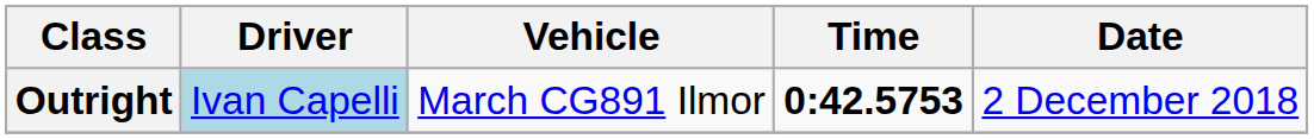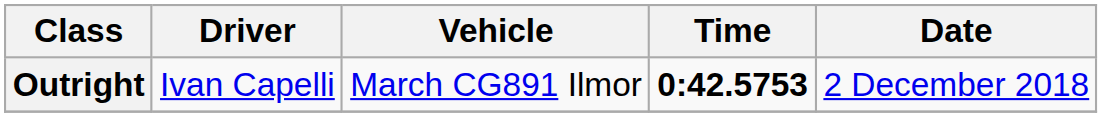 <table class="wikitable">
 <tr>
 <th>Class</th>
 <th>Driver</th>
 <th>Vehicle</th>
 <th>Time</th>
 <th>Date</th>
 </tr>
 <tr>
 <th>Outright</th>
-<td style="background: lightblue;"> <a href='#'>Ivan Capelli</a></td>
+<td> <a href='#'>Ivan Capelli</a></td>
 <td><a href='#'>March CG891</a> Ilmor</td>
 <td><strong>0:42.5753</strong></td>
 <td><a href='#'>2 December 2018</a></td>
 </tr>
 <tr>
 </tr>
 </table>
